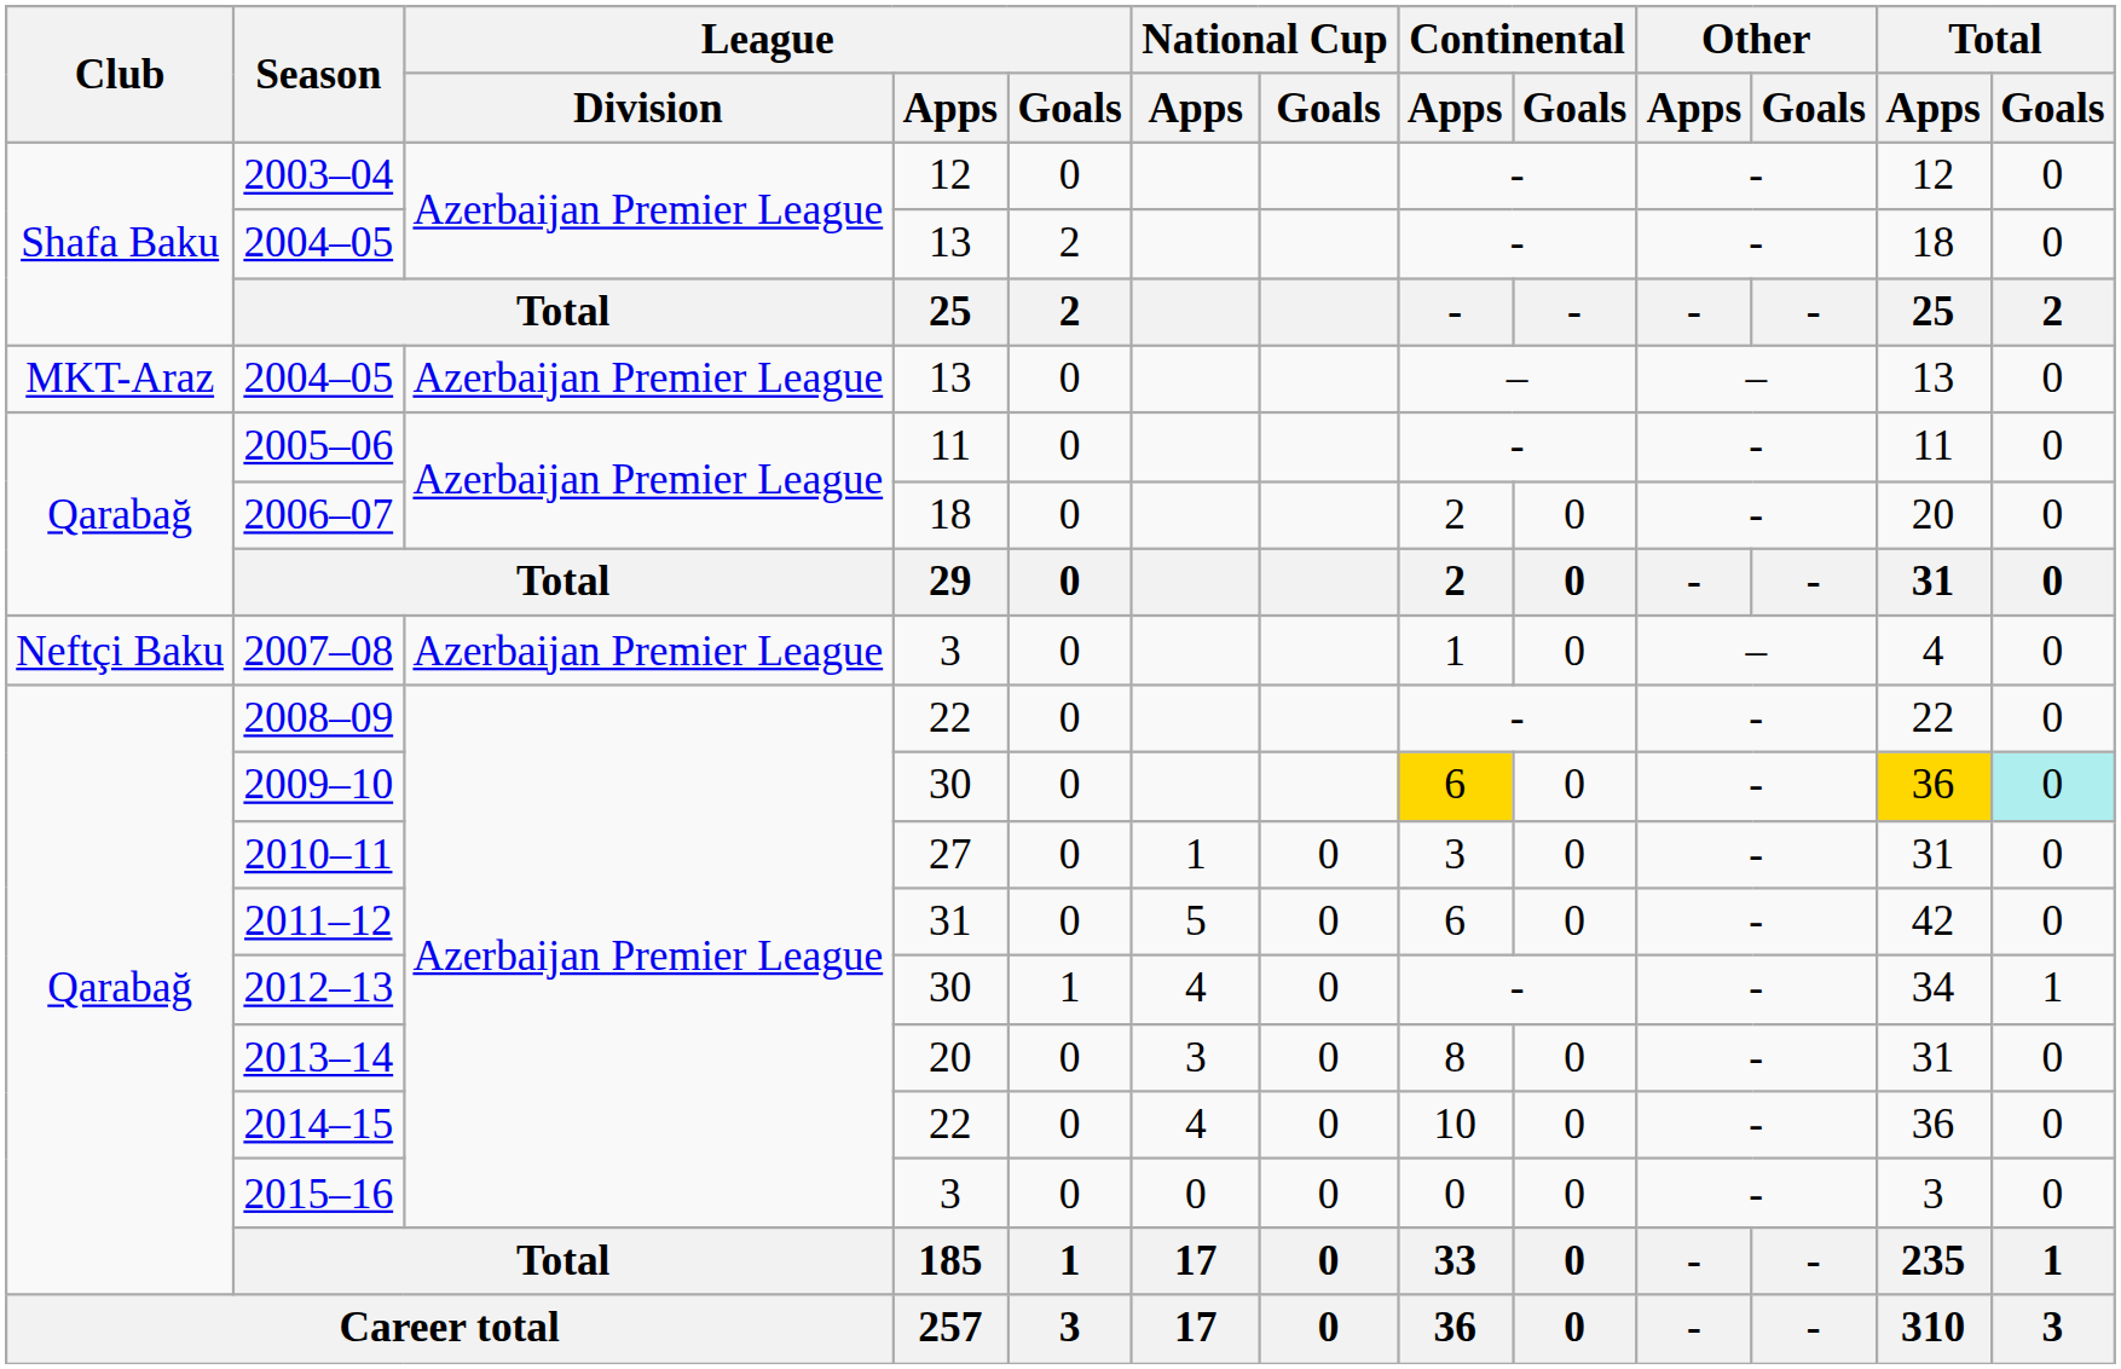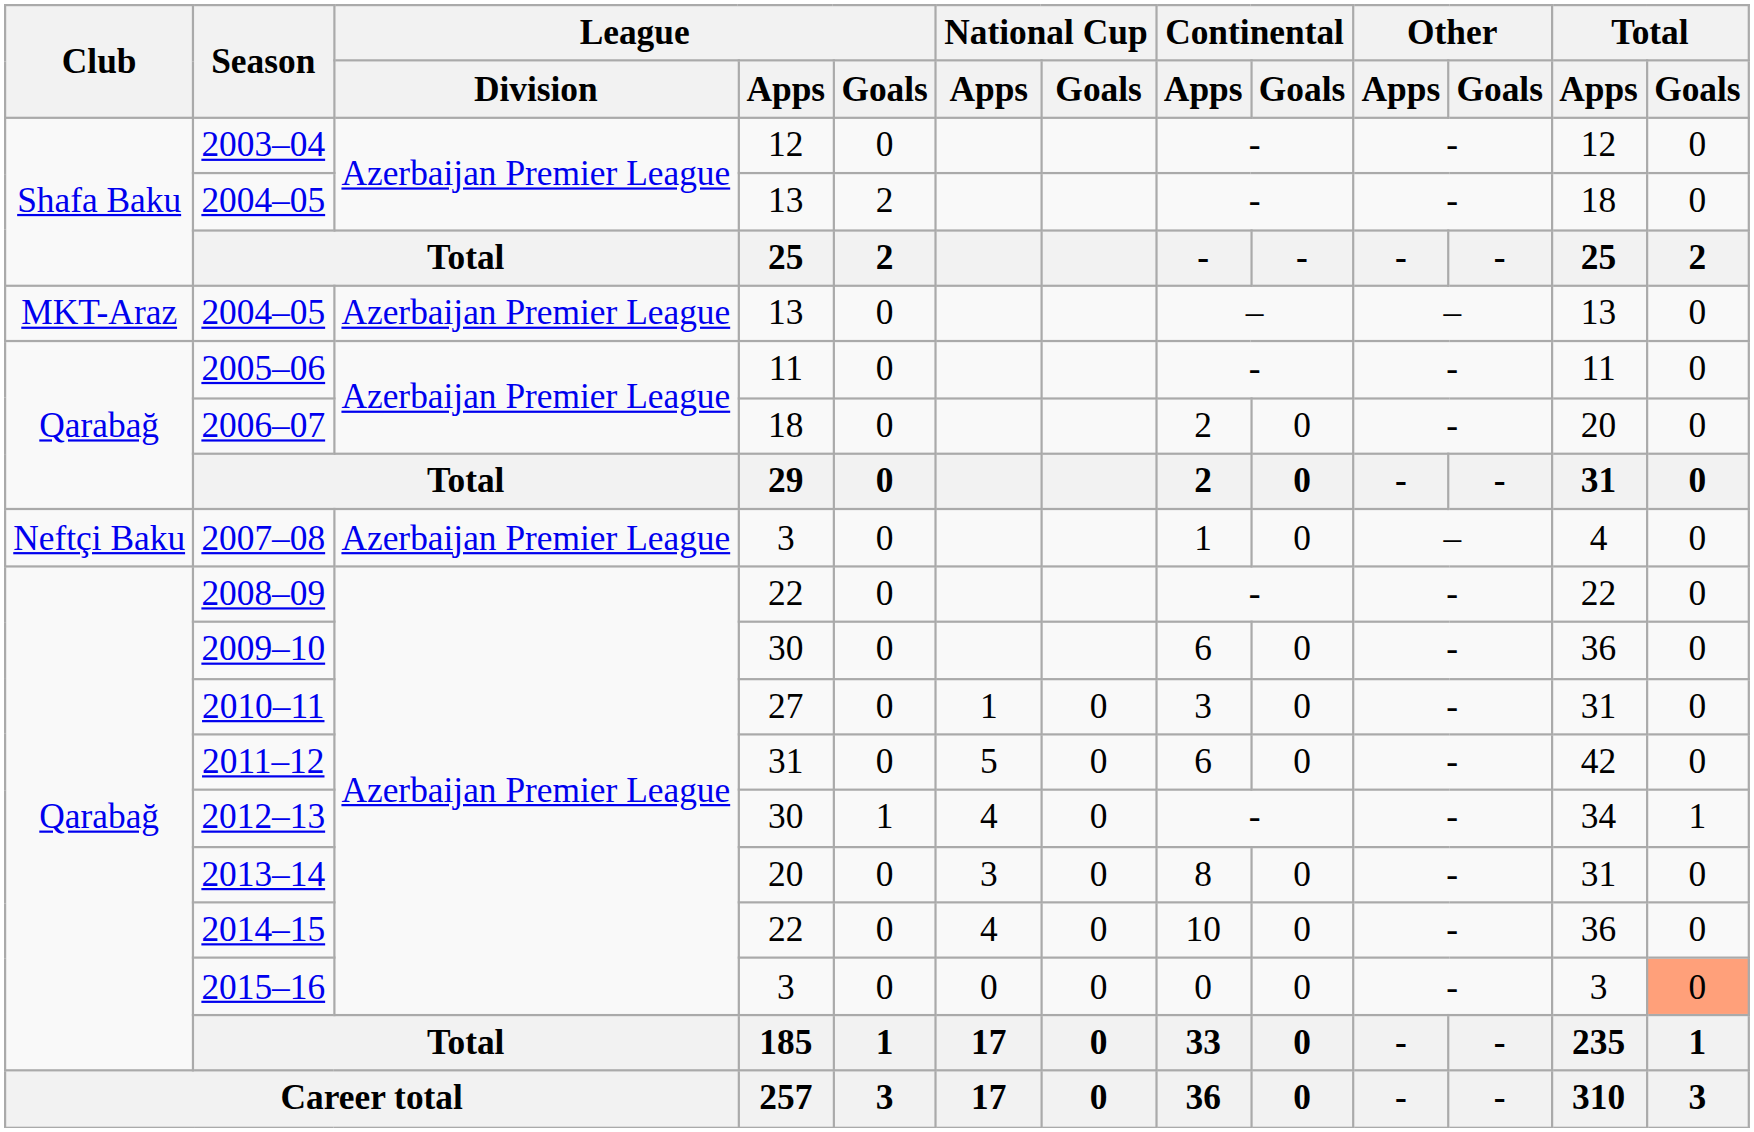 <table class="wikitable" style="text-align: center;">
 <tr>
 <th rowspan="2">Club</th>
 <th rowspan="2">Season</th>
 <th colspan="3">League</th>
 <th colspan="2">National Cup</th>
 <th colspan="2">Continental</th>
 <th colspan="2">Other</th>
 <th colspan="2">Total</th>
 </tr>
 <tr>
 <th>Division</th>
 <th>Apps</th>
 <th>Goals</th>
 <th>Apps</th>
 <th>Goals</th>
 <th>Apps</th>
 <th>Goals</th>
 <th>Apps</th>
 <th>Goals</th>
 <th>Apps</th>
 <th>Goals</th>
 </tr>
 <tr>
 <td rowspan="3" valign="center"><a href='#'>Shafa Baku</a></td>
 <td><a href='#'>2003–04</a></td>
 <td rowspan="2" valign="center"><a href='#'>Azerbaijan Premier League</a></td>
 <td>12</td>
 <td>0</td>
 <td></td>
 <td></td>
 <td colspan="2">-</td>
 <td colspan="2">-</td>
 <td>12</td>
 <td>0</td>
 </tr>
 <tr>
 <td><a href='#'>2004–05</a></td>
 <td>13</td>
 <td>2</td>
 <td></td>
 <td></td>
 <td colspan="2">-</td>
 <td colspan="2">-</td>
 <td>18</td>
 <td>0</td>
 </tr>
 <tr>
 <th colspan="2">Total</th>
 <th>25</th>
 <th>2</th>
 <th></th>
 <th></th>
 <th>-</th>
 <th>-</th>
 <th>-</th>
 <th>-</th>
 <th>25</th>
 <th>2</th>
 </tr>
 <tr>
 <td valign="center"><a href='#'>MKT-Araz</a></td>
 <td><a href='#'>2004–05</a></td>
 <td><a href='#'>Azerbaijan Premier League</a></td>
 <td>13</td>
 <td>0</td>
 <td></td>
 <td></td>
 <td colspan="2">–</td>
 <td colspan="2">–</td>
 <td>13</td>
 <td>0</td>
 </tr>
 <tr>
 <td rowspan="3" valign="center"><a href='#'>Qarabağ</a></td>
 <td><a href='#'>2005–06</a></td>
 <td rowspan="2" valign="center"><a href='#'>Azerbaijan Premier League</a></td>
 <td>11</td>
 <td>0</td>
 <td></td>
 <td></td>
 <td colspan="2">-</td>
 <td colspan="2">-</td>
 <td>11</td>
 <td>0</td>
 </tr>
 <tr>
 <td><a href='#'>2006–07</a></td>
 <td>18</td>
 <td>0</td>
 <td></td>
 <td></td>
 <td>2</td>
 <td>0</td>
 <td colspan="2">-</td>
 <td>20</td>
 <td>0</td>
 </tr>
 <tr>
 <th colspan="2">Total</th>
 <th>29</th>
 <th>0</th>
 <th></th>
 <th></th>
 <th>2</th>
 <th>0</th>
 <th>-</th>
 <th>-</th>
 <th>31</th>
 <th>0</th>
 </tr>
 <tr>
 <td valign="center"><a href='#'>Neftçi Baku</a></td>
 <td><a href='#'>2007–08</a></td>
 <td><a href='#'>Azerbaijan Premier League</a></td>
 <td>3</td>
 <td>0</td>
 <td></td>
 <td></td>
 <td>1</td>
 <td>0</td>
 <td colspan="2">–</td>
 <td>4</td>
 <td>0</td>
 </tr>
 <tr>
 <td rowspan="9" valign="center"><a href='#'>Qarabağ</a></td>
 <td><a href='#'>2008–09</a></td>
 <td rowspan="8" valign="center"><a href='#'>Azerbaijan Premier League</a></td>
 <td>22</td>
 <td>0</td>
 <td></td>
 <td></td>
 <td colspan="2">-</td>
 <td colspan="2">-</td>
 <td>22</td>
 <td>0</td>
 </tr>
 <tr>
 <td><a href='#'>2009–10</a></td>
 <td>30</td>
 <td>0</td>
 <td></td>
 <td></td>
-<td style="background: gold;">6</td>
+<td>6</td>
 <td>0</td>
 <td colspan="2">-</td>
-<td style="background: gold;">36</td>
-<td style="background: paleturquoise;">0</td>
+<td>36</td>
+<td>0</td>
 </tr>
 <tr>
 <td><a href='#'>2010–11</a></td>
 <td>27</td>
 <td>0</td>
 <td>1</td>
 <td>0</td>
 <td>3</td>
 <td>0</td>
 <td colspan="2">-</td>
 <td>31</td>
 <td>0</td>
 </tr>
 <tr>
 <td><a href='#'>2011–12</a></td>
 <td>31</td>
 <td>0</td>
 <td>5</td>
 <td>0</td>
 <td>6</td>
 <td>0</td>
 <td colspan="2">-</td>
 <td>42</td>
 <td>0</td>
 </tr>
 <tr>
 <td><a href='#'>2012–13</a></td>
 <td>30</td>
 <td>1</td>
 <td>4</td>
 <td>0</td>
 <td colspan="2">-</td>
 <td colspan="2">-</td>
 <td>34</td>
 <td>1</td>
 </tr>
 <tr>
 <td><a href='#'>2013–14</a></td>
 <td>20</td>
 <td>0</td>
 <td>3</td>
 <td>0</td>
 <td>8</td>
 <td>0</td>
 <td colspan="2">-</td>
 <td>31</td>
 <td>0</td>
 </tr>
 <tr>
 <td><a href='#'>2014–15</a></td>
 <td>22</td>
 <td>0</td>
 <td>4</td>
 <td>0</td>
 <td>10</td>
 <td>0</td>
 <td colspan="2">-</td>
 <td>36</td>
 <td>0</td>
 </tr>
 <tr>
 <td><a href='#'>2015–16</a></td>
 <td>3</td>
 <td>0</td>
 <td>0</td>
 <td>0</td>
 <td>0</td>
 <td>0</td>
 <td colspan="2">-</td>
 <td>3</td>
-<td>0</td>
+<td style="background: lightsalmon;">0</td>
 </tr>
 <tr>
 <th colspan="2">Total</th>
 <th>185</th>
 <th>1</th>
 <th>17</th>
 <th>0</th>
 <th>33</th>
 <th>0</th>
 <th>-</th>
 <th>-</th>
 <th>235</th>
 <th>1</th>
 </tr>
 <tr>
 <th colspan="3">Career total</th>
 <th>257</th>
 <th>3</th>
 <th>17</th>
 <th>0</th>
 <th>36</th>
 <th>0</th>
 <th>-</th>
 <th>-</th>
 <th>310</th>
 <th>3</th>
 </tr>
 </table>
